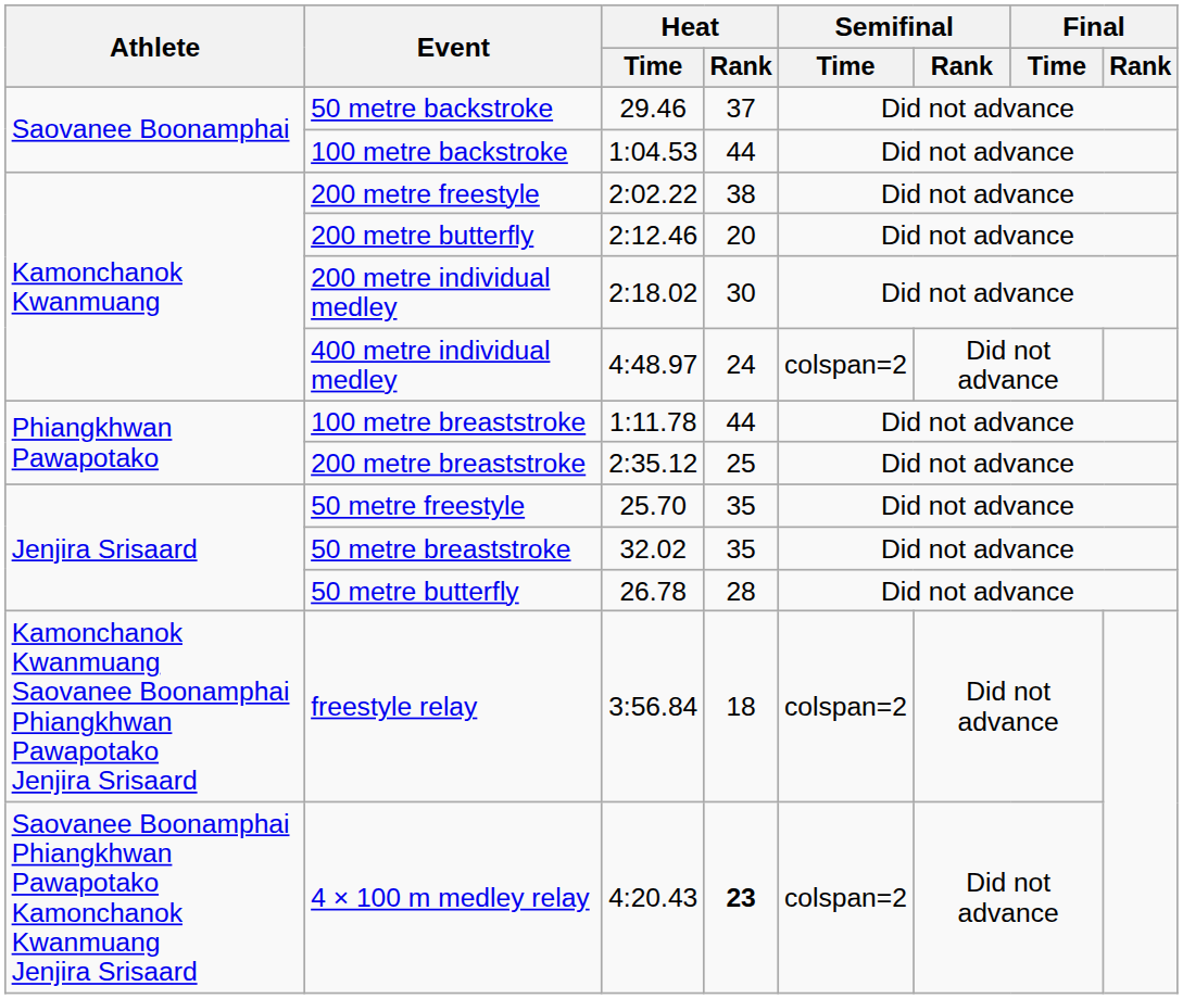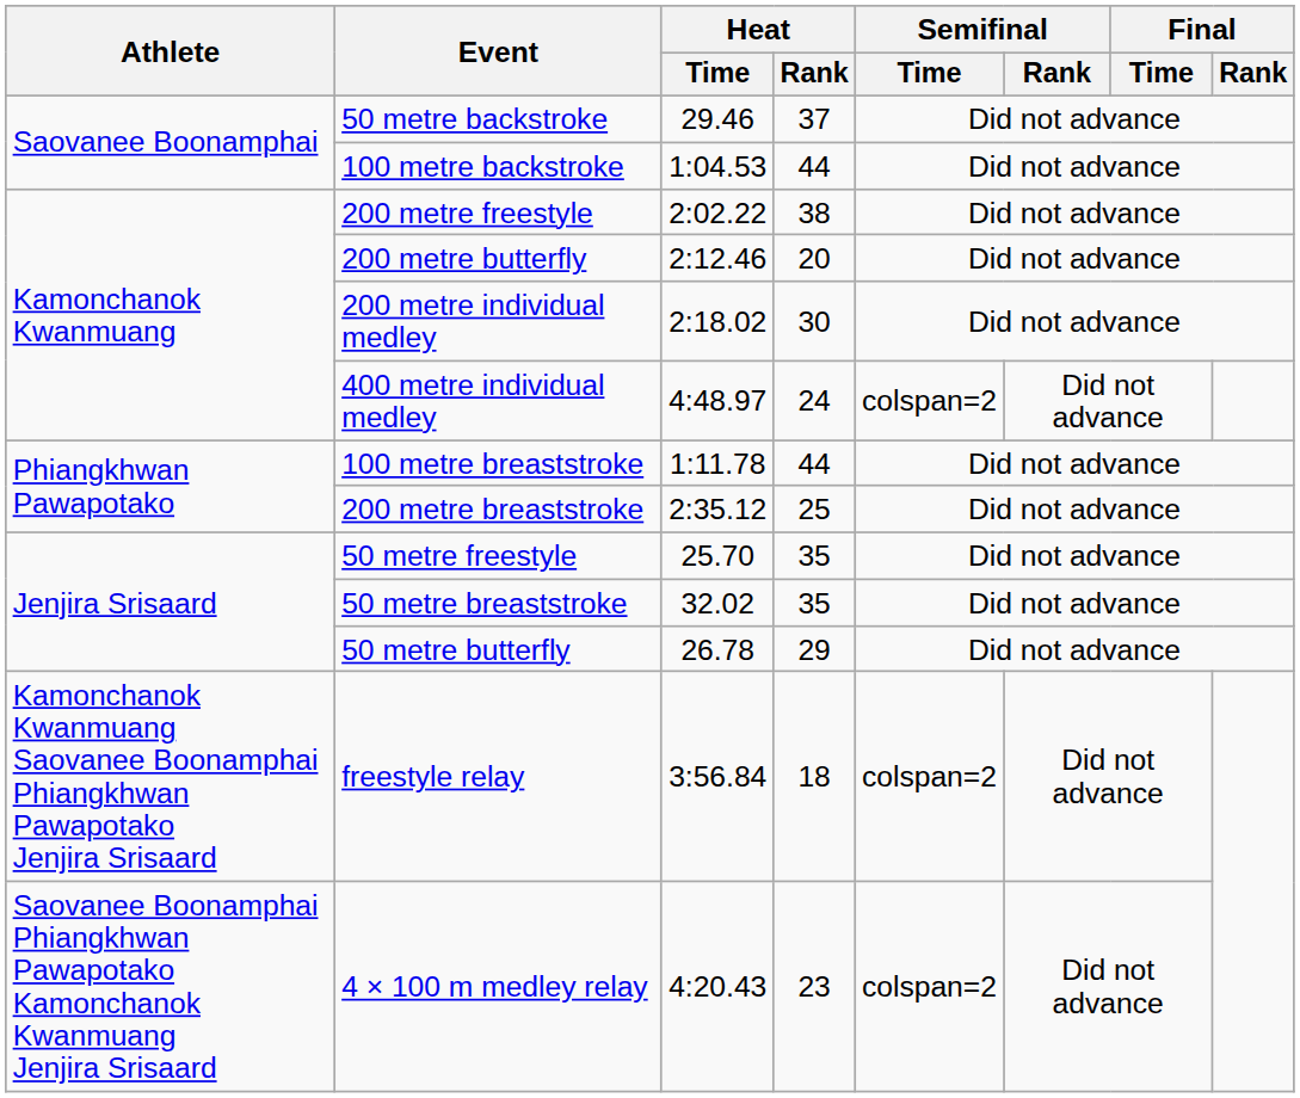 <table class="wikitable" style="text-align:center; font-size:90%; width:50%;">
 <tr>
 <th rowspan="2">Athlete</th>
 <th rowspan="2">Event</th>
 <th colspan="2">Heat</th>
 <th colspan="2">Semifinal</th>
 <th colspan="2">Final</th>
 </tr>
 <tr style="font-size:95%">
 <th>Time</th>
 <th>Rank</th>
 <th>Time</th>
 <th>Rank</th>
 <th>Time</th>
 <th>Rank</th>
 </tr>
 <tr align=center>
 <td align=left rowspan=2><a href='#'>Saovanee Boonamphai</a></td>
 <td align=left><a href='#'>50 metre backstroke</a></td>
 <td>29.46</td>
 <td>37</td>
 <td colspan=4>Did not advance</td>
 </tr>
 <tr align=center>
 <td align=left><a href='#'>100 metre backstroke</a></td>
 <td>1:04.53</td>
 <td>44</td>
 <td colspan=4>Did not advance</td>
 </tr>
 <tr align=center>
 <td align=left rowspan="4"><a href='#'>Kamonchanok Kwanmuang</a></td>
 <td align=left><a href='#'>200 metre freestyle</a></td>
 <td>2:02.22</td>
 <td>38</td>
 <td colspan=4>Did not advance</td>
 </tr>
 <tr align=center>
 <td align=left><a href='#'>200 metre butterfly</a></td>
 <td>2:12.46</td>
 <td>20</td>
 <td colspan=4>Did not advance</td>
 </tr>
 <tr align=center>
 <td align=left><a href='#'>200 metre individual medley</a></td>
 <td>2:18.02</td>
 <td>30</td>
 <td colspan=4>Did not advance</td>
 </tr>
 <tr align=center>
 <td align=left><a href='#'>400 metre individual medley</a></td>
 <td>4:48.97</td>
 <td>24</td>
 <td>colspan=2 </td>
 <td colspan=2>Did not advance</td>
 </tr>
 <tr>
 <td align=left rowspan=2><a href='#'>Phiangkhwan Pawapotako</a></td>
 <td align=left><a href='#'>100 metre breaststroke</a></td>
 <td>1:11.78</td>
 <td>44</td>
 <td colspan=4>Did not advance</td>
 </tr>
 <tr>
 <td align=left><a href='#'>200 metre breaststroke</a></td>
 <td>2:35.12</td>
 <td>25</td>
 <td colspan=4>Did not advance</td>
 </tr>
 <tr>
 <td align=left rowspan=3><a href='#'>Jenjira Srisaard</a></td>
 <td align=left><a href='#'>50 metre freestyle</a></td>
 <td>25.70</td>
 <td>35</td>
 <td colspan=4>Did not advance</td>
 </tr>
 <tr>
 <td align=left><a href='#'>50 metre breaststroke</a></td>
 <td>32.02</td>
 <td>35</td>
 <td colspan=4>Did not advance</td>
 </tr>
 <tr>
 <td align=left><a href='#'>50 metre butterfly</a></td>
 <td>26.78</td>
-<td>28</td>
+<td>29</td>
 <td colspan=4>Did not advance</td>
 </tr>
 <tr align=center>
 <td align=left><a href='#'>Kamonchanok Kwanmuang</a> <br><a href='#'>Saovanee Boonamphai</a> <br><a href='#'>Phiangkhwan Pawapotako</a> <br><a href='#'>Jenjira Srisaard</a></td>
 <td align=left><a href='#'> freestyle relay</a></td>
 <td>3:56.84</td>
 <td>18</td>
 <td>colspan=2 </td>
 <td colspan=2>Did not advance</td>
 </tr>
 <tr>
 <td align=left><a href='#'>Saovanee Boonamphai</a> <br><a href='#'>Phiangkhwan Pawapotako</a> <br><a href='#'>Kamonchanok Kwanmuang</a> <br><a href='#'>Jenjira Srisaard</a></td>
 <td align=left><a href='#'>4 × 100 m medley relay</a></td>
 <td>4:20.43</td>
-<td><strong>23</strong></td>
+<td>23</td>
 <td>colspan=2 </td>
 <td colspan=2>Did not advance</td>
 </tr>
 </table>
